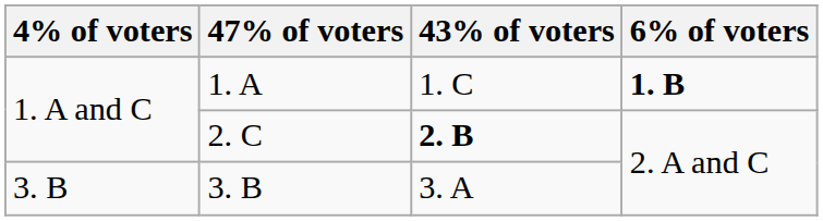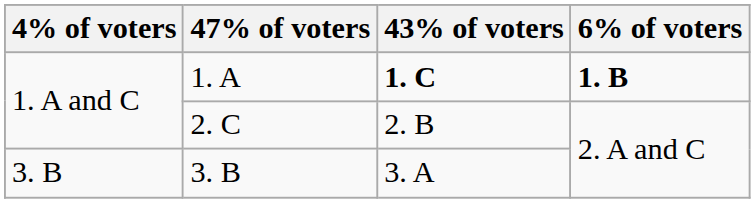 <table class="wikitable">
 <tr>
 <th>4% of voters</th>
 <th>47% of voters</th>
 <th>43% of voters</th>
 <th>6% of voters</th>
 </tr>
 <tr>
 <td rowspan=2>1. A and C</td>
 <td>1. A</td>
-<td>1. C</td>
+<td><strong>1. C</strong></td>
 <td><strong>1. B</strong></td>
 </tr>
 <tr>
 <td>2. C</td>
-<td><strong>2. B</strong></td>
+<td>2. B</td>
 <td rowspan=2>2. A and C</td>
 </tr>
 <tr>
 <td>3. B</td>
 <td>3. B</td>
 <td>3. A</td>
 </tr>
 </table>
